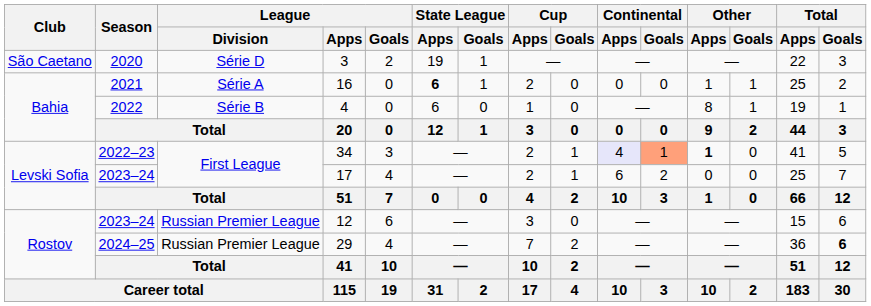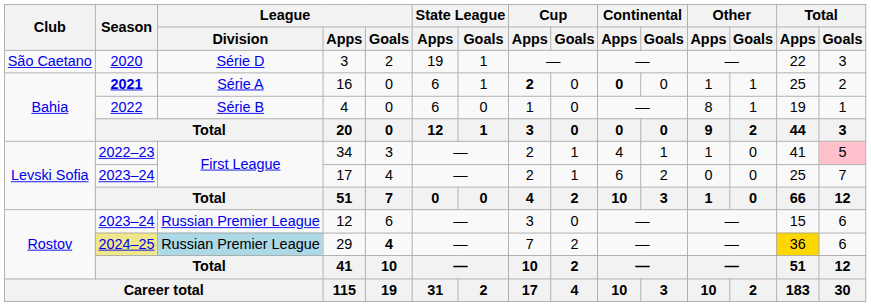 <table class="wikitable" style="text-align: center;">
 <tr>
 <th rowspan="2">Club</th>
 <th rowspan="2">Season</th>
 <th colspan="3">League</th>
 <th colspan="2">State League</th>
 <th colspan="2">Cup</th>
 <th colspan="2">Continental</th>
 <th colspan="2">Other</th>
 <th colspan="2">Total</th>
 </tr>
 <tr>
 <th>Division</th>
 <th>Apps</th>
 <th>Goals</th>
 <th>Apps</th>
 <th>Goals</th>
 <th>Apps</th>
 <th>Goals</th>
 <th>Apps</th>
 <th>Goals</th>
 <th>Apps</th>
 <th>Goals</th>
 <th>Apps</th>
 <th>Goals</th>
 </tr>
 <tr>
 <td valign="center"><a href='#'>São Caetano</a></td>
 <td><a href='#'>2020</a></td>
 <td><a href='#'>Série D</a></td>
 <td>3</td>
 <td>2</td>
 <td>19</td>
 <td>1</td>
 <td colspan="2">—</td>
 <td colspan="2">—</td>
 <td colspan="2">—</td>
 <td>22</td>
 <td>3</td>
 </tr>
 <tr>
 <td rowspan="3" valign="center"><a href='#'>Bahia</a></td>
-<td><a href='#'>2021</a></td>
+<td><strong><a href='#'>2021</a></strong></td>
 <td><a href='#'>Série A</a></td>
 <td>16</td>
 <td>0</td>
-<td><strong>6</strong></td>
+<td>6</td>
 <td>1</td>
-<td>2</td>
+<td><strong>2</strong></td>
 <td>0</td>
-<td>0</td>
+<td><strong>0</strong></td>
 <td>0</td>
 <td>1</td>
 <td>1</td>
 <td>25</td>
 <td>2</td>
 </tr>
 <tr>
 <td><a href='#'>2022</a></td>
 <td><a href='#'>Série B</a></td>
 <td>4</td>
 <td>0</td>
 <td>6</td>
 <td>0</td>
 <td>1</td>
 <td>0</td>
 <td colspan="2">—</td>
 <td>8</td>
 <td>1</td>
 <td>19</td>
 <td>1</td>
 </tr>
 <tr>
 <th colspan="2">Total</th>
 <th>20</th>
 <th>0</th>
 <th>12</th>
 <th>1</th>
 <th>3</th>
 <th>0</th>
 <th>0</th>
 <th>0</th>
 <th>9</th>
 <th>2</th>
 <th>44</th>
 <th>3</th>
 </tr>
 <tr>
 <td valign="center" rowspan=3><a href='#'>Levski Sofia</a></td>
 <td><a href='#'>2022–23</a></td>
 <td rowspan=2><a href='#'>First League</a></td>
 <td>34</td>
 <td>3</td>
 <td colspan="2">—</td>
 <td>2</td>
 <td>1</td>
-<td style="background: lavender;">4</td>
-<td style="background: lightsalmon;">1</td>
-<td><strong>1</strong></td>
+<td>4</td>
+<td>1</td>
+<td>1</td>
 <td>0</td>
 <td>41</td>
-<td>5</td>
+<td style="background: pink;">5</td>
 </tr>
 <tr>
 <td><a href='#'>2023–24</a></td>
 <td>17</td>
 <td>4</td>
 <td colspan="2">—</td>
 <td>2</td>
 <td>1</td>
 <td>6</td>
 <td>2</td>
 <td>0</td>
 <td>0</td>
 <td>25</td>
 <td>7</td>
 </tr>
 <tr>
 <th colspan="2">Total</th>
 <th>51</th>
 <th>7</th>
 <th>0</th>
 <th>0</th>
 <th>4</th>
 <th>2</th>
 <th>10</th>
 <th>3</th>
 <th>1</th>
 <th>0</th>
 <th>66</th>
 <th>12</th>
 </tr>
 <tr>
 <td rowspan="3"><a href='#'>Rostov</a></td>
 <td><a href='#'>2023–24</a></td>
 <td><a href='#'>Russian Premier League</a></td>
 <td>12</td>
 <td>6</td>
 <td colspan="2">—</td>
 <td>3</td>
 <td>0</td>
 <td colspan="2">—</td>
 <td colspan="2">—</td>
 <td>15</td>
 <td>6</td>
 </tr>
 <tr>
-<td><a href='#'>2024–25</a></td>
-<td>Russian Premier League</td>
+<td style="background: khaki;"><a href='#'>2024–25</a></td>
+<td style="background: lightblue;">Russian Premier League</td>
 <td>29</td>
-<td>4</td>
+<td><strong>4</strong></td>
 <td colspan="2">—</td>
 <td>7</td>
 <td>2</td>
 <td colspan="2">—</td>
 <td colspan="2">—</td>
-<td>36</td>
-<td><strong>6</strong></td>
+<td style="background: gold;">36</td>
+<td>6</td>
 </tr>
 <tr>
 <th colspan="2">Total</th>
 <th>41</th>
 <th>10</th>
 <th colspan="2">—</th>
 <th>10</th>
 <th>2</th>
 <th colspan="2">—</th>
 <th colspan="2">—</th>
 <th>51</th>
 <th>12</th>
 </tr>
 <tr>
 <th colspan="3"><strong>Career total</strong></th>
 <th>115</th>
 <th>19</th>
 <th>31</th>
 <th>2</th>
 <th>17</th>
 <th>4</th>
 <th>10</th>
 <th>3</th>
 <th>10</th>
 <th>2</th>
 <th>183</th>
 <th>30</th>
 </tr>
 </table>
